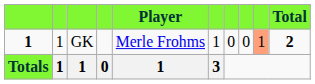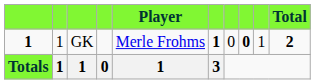 <table class="wikitable" style="text-align:center;">
 <tr>
 <th style="background:#81F733; color:#003333; "></th>
 <th style="background:#81F733; color:#003333; "></th>
 <th style="background:#81F733; color:#003333; "></th>
 <th style="background:#81F733; color:#003333; "></th>
 <th style="background:#81F733; color:#003333; ">Player</th>
 <th style="background:#81F733; color:#003333; "></th>
 <th style="background:#81F733; color:#003333; "></th>
 <th style="background:#81F733; color:#003333; "></th>
 <th style="background:#81F733; color:#003333; "></th>
 <th style="background:#81F733; color:#003333; ">Total</th>
 </tr>
 <tr>
 <td><strong>1</strong></td>
 <td>1</td>
 <td>GK</td>
 <td></td>
 <td align="left"><a href='#'>Merle Frohms</a></td>
+<td><strong>1</strong></td>
+<td>0</td>
+<td><strong>0</strong></td>
 <td>1</td>
-<td>0</td>
-<td>0</td>
-<td style="background: lightsalmon;">1</td>
 <td><strong>2</strong></td>
 </tr>
 <tr>
 <th style="background:#81F733; color:#003333; ">Totals</th>
 <th>1</th>
 <th>1</th>
 <th>0</th>
 <th>1</th>
 <th>3</th>
 </tr>
 </table>
